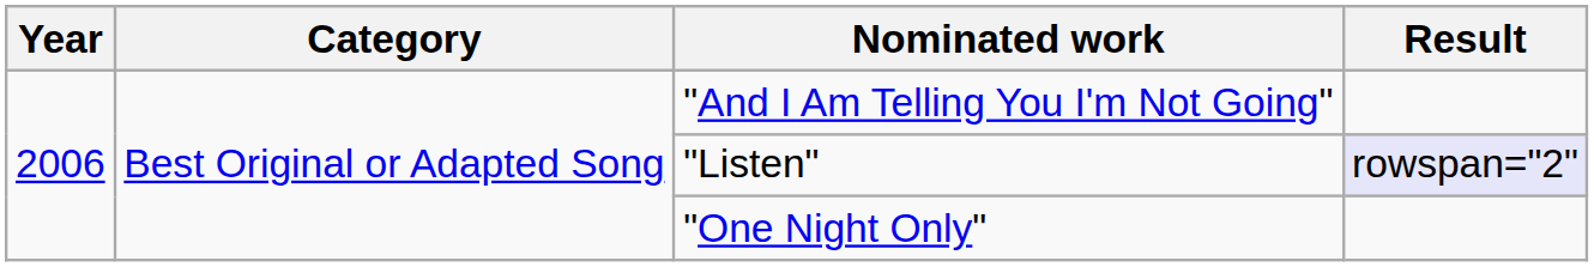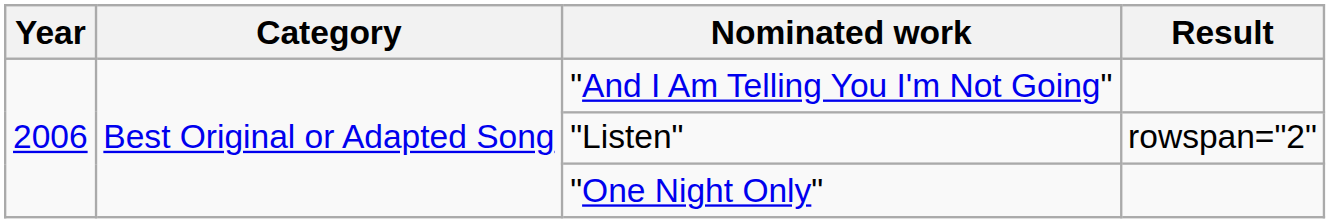 <table class="wikitable" style="font-size:90%;">
 <tr style="background:#ccc; text-align:center;">
 <th>Year</th>
 <th>Category</th>
 <th>Nominated work</th>
 <th>Result</th>
 </tr>
 <tr>
 <td rowspan="3"><a href='#'>2006</a></td>
 <td rowspan="3"><a href='#'>Best Original or Adapted Song</a></td>
 <td>"<a href='#'>And I Am Telling You I'm Not Going</a>"</td>
 <td></td>
 </tr>
 <tr>
 <td>"Listen"</td>
-<td style="background: lavender;">rowspan="2" </td>
+<td>rowspan="2" </td>
 </tr>
 <tr>
 <td>"<a href='#'>One Night Only</a>"</td>
 </tr>
 </table>
